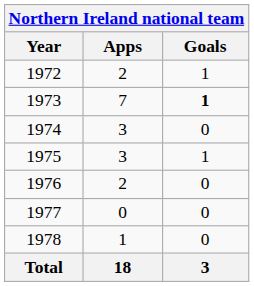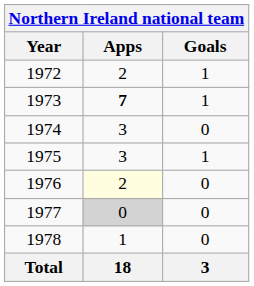 <table class="wikitable" style="text-align:center">
 <tr>
 <th colspan=3><a href='#'>Northern Ireland national team</a></th>
 </tr>
 <tr>
 <th>Year</th>
 <th>Apps</th>
 <th>Goals</th>
 </tr>
 <tr>
 <td>1972</td>
 <td>2</td>
 <td>1</td>
 </tr>
 <tr>
 <td>1973</td>
-<td>7</td>
-<td><strong>1</strong></td>
+<td><strong>7</strong></td>
+<td>1</td>
 </tr>
 <tr>
 <td>1974</td>
 <td>3</td>
 <td>0</td>
 </tr>
 <tr>
 <td>1975</td>
 <td>3</td>
 <td>1</td>
 </tr>
 <tr>
 <td>1976</td>
-<td>2</td>
+<td style="background: lightyellow;">2</td>
 <td>0</td>
 </tr>
 <tr>
 <td>1977</td>
-<td>0</td>
+<td style="background: lightgrey;">0</td>
 <td>0</td>
 </tr>
 <tr>
 <td>1978</td>
 <td>1</td>
 <td>0</td>
 </tr>
 <tr>
 <th>Total</th>
 <th>18</th>
 <th>3</th>
 </tr>
 </table>
